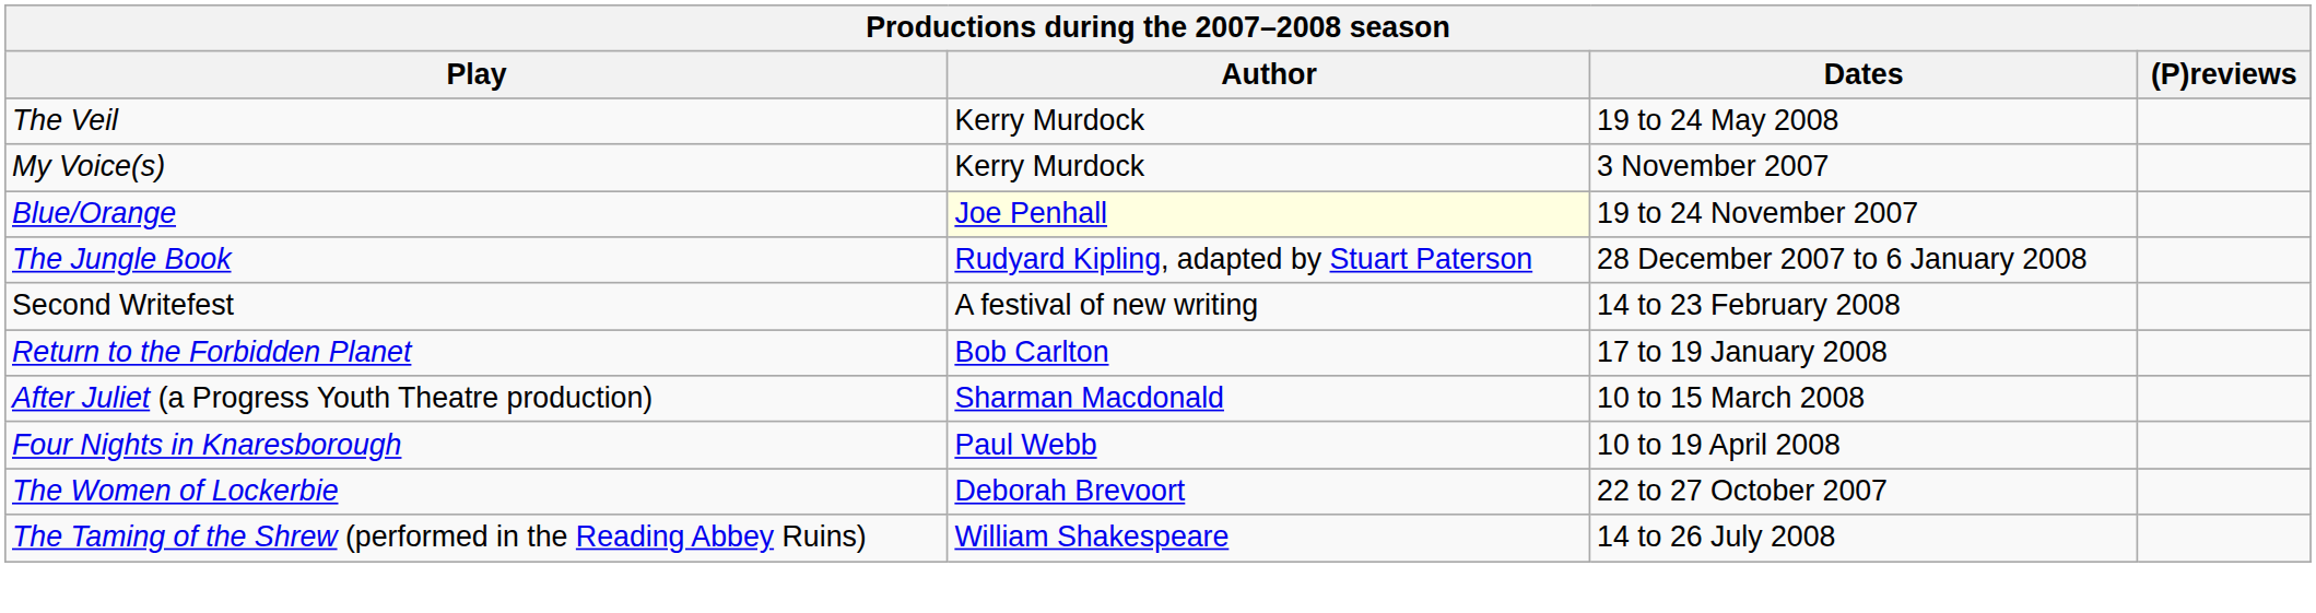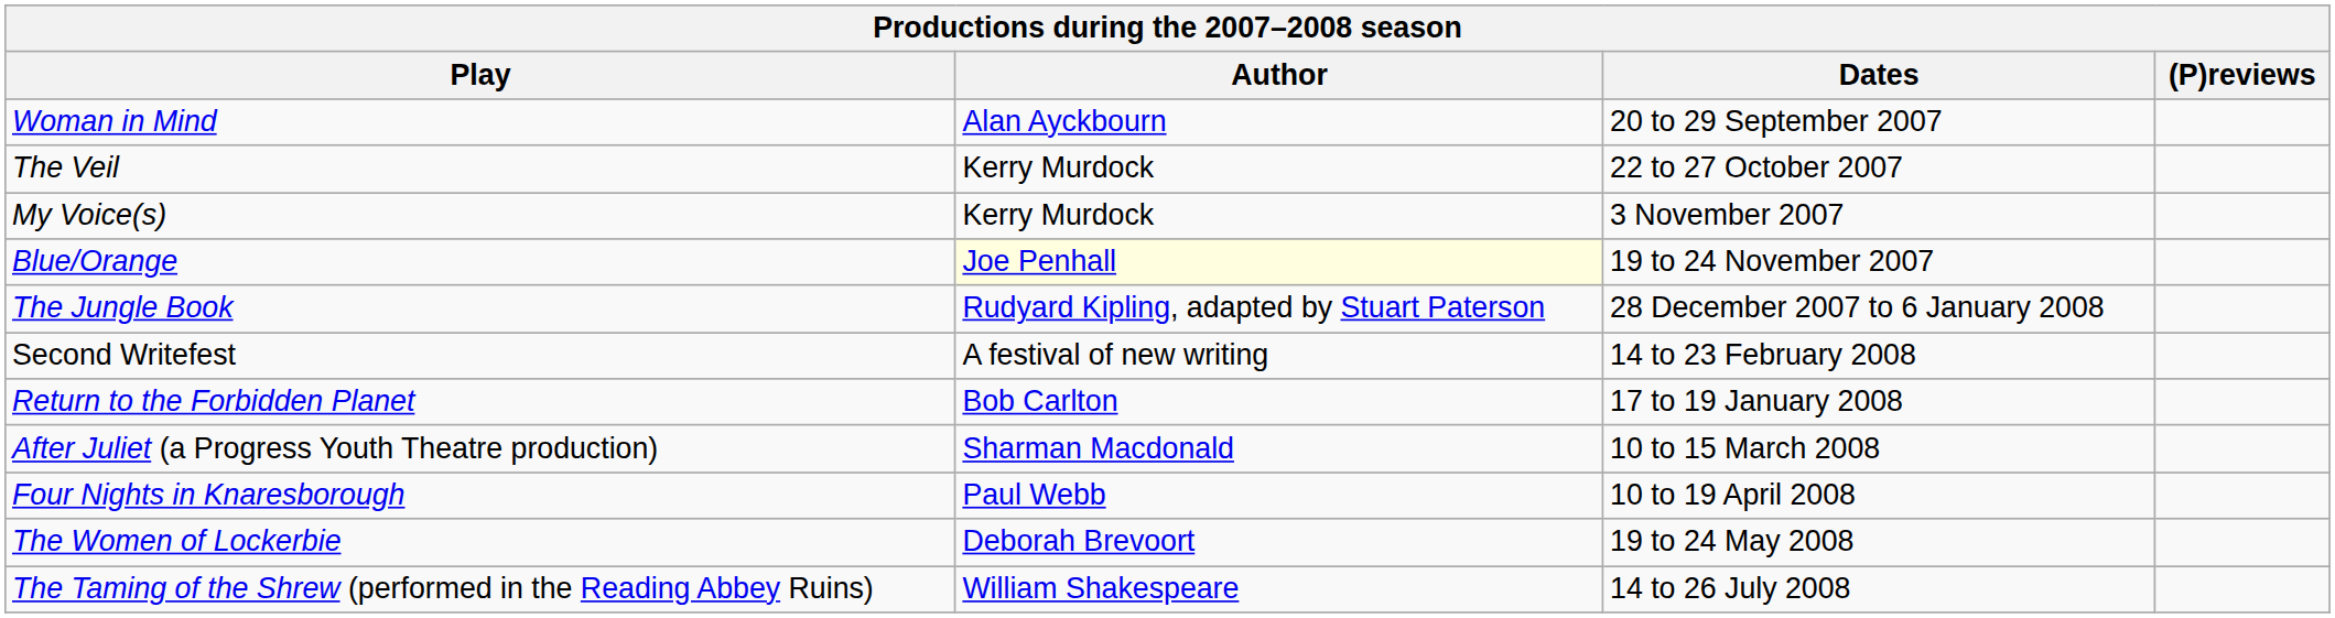 <table class="wikitable collapsible collapsed" width="100%">
 <tr>
 <th colspan="4">Productions during the 2007–2008 season</th>
 </tr>
 <tr>
 <th>Play</th>
 <th>Author</th>
 <th>Dates</th>
 <th>(P)reviews</th>
 </tr>
 <tr>
+<td><em><a href='#'>Woman in Mind</a></em></td>
+<td><a href='#'>Alan Ayckbourn</a></td>
+<td>20 to 29 September 2007</td>
+<td> </td>
+</tr>
+<tr>
 <td><em>The Veil</em></td>
 <td>Kerry Murdock</td>
-<td>19 to 24 May 2008</td>
+<td>22 to 27 October 2007</td>
 <td> <br></td>
 </tr>
 <tr>
 <td><em>My Voice(s)</em></td>
 <td>Kerry Murdock</td>
 <td>3 November 2007</td>
 <td></td>
 </tr>
 <tr>
 <td><em><a href='#'>Blue/Orange</a></em></td>
 <td style="background: lightyellow;"><a href='#'>Joe Penhall</a></td>
 <td>19 to 24 November 2007</td>
 <td><br>  </td>
 </tr>
 <tr>
 <td><em><a href='#'>The Jungle Book</a></em></td>
 <td><a href='#'>Rudyard Kipling</a>, adapted by <a href='#'>Stuart Paterson</a></td>
 <td>28 December 2007 to 6 January 2008</td>
 <td> </td>
 </tr>
 <tr>
 <td>Second Writefest</td>
 <td>A festival of new writing</td>
 <td>14 to 23 February 2008</td>
 <td> </td>
 </tr>
 <tr>
 <td><em><a href='#'>Return to the Forbidden Planet</a></em></td>
 <td><a href='#'>Bob Carlton</a></td>
 <td>17 to 19 January 2008</td>
 <td></td>
 </tr>
 <tr>
 <td><em><a href='#'>After Juliet</a></em> (a Progress Youth Theatre production)</td>
 <td><a href='#'>Sharman Macdonald</a></td>
 <td>10 to 15 March 2008</td>
 <td><br></td>
 </tr>
 <tr>
 <td><em><a href='#'>Four Nights in Knaresborough</a></em></td>
 <td><a href='#'>Paul Webb</a></td>
 <td>10 to 19 April 2008</td>
 <td>  </td>
 </tr>
 <tr>
 <td><em><a href='#'>The Women of Lockerbie</a></em></td>
 <td><a href='#'>Deborah Brevoort</a></td>
-<td>22 to 27 October 2007</td>
+<td>19 to 24 May 2008</td>
 <td></td>
 </tr>
 <tr>
 <td><em><a href='#'>The Taming of the Shrew</a></em> (performed in the <a href='#'>Reading Abbey</a> Ruins)</td>
 <td><a href='#'>William Shakespeare</a></td>
 <td>14 to 26 July 2008</td>
 <td></td>
 </tr>
 </table>
